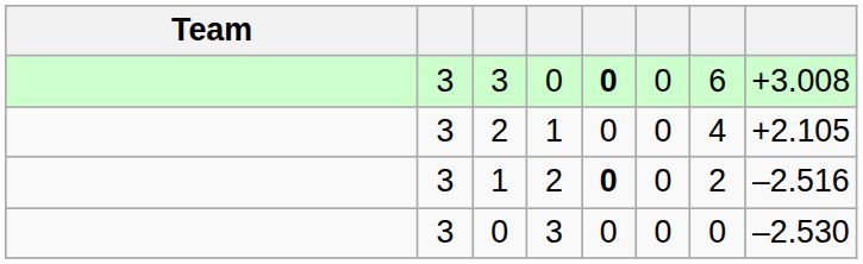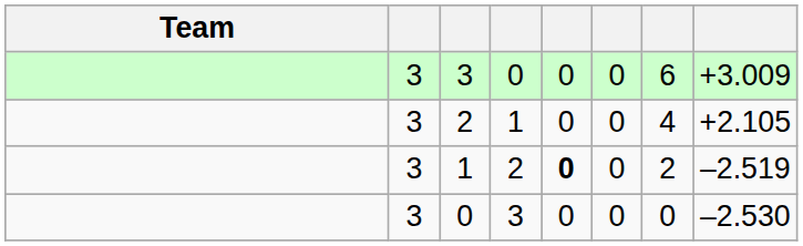 <table class="wikitable" style="text-align:center">
 <tr>
 <th width=200>Team</th>
 <th width=20></th>
 <th width=20></th>
 <th width=20></th>
 <th width=20></th>
 <th width=20></th>
 <th width=20></th>
 <th width=45></th>
 </tr>
 <tr bgcolor=ccffcc>
 <td align="left"></td>
 <td>3</td>
 <td>3</td>
 <td>0</td>
-<td><strong>0</strong></td>
+<td>0</td>
 <td>0</td>
 <td>6</td>
-<td>+3.008</td>
+<td>+3.009</td>
 </tr>
 <tr>
 <td align="left"></td>
 <td>3</td>
 <td>2</td>
 <td>1</td>
 <td>0</td>
 <td>0</td>
 <td>4</td>
 <td>+2.105</td>
 </tr>
 <tr>
 <td align="left"></td>
 <td>3</td>
 <td>1</td>
 <td>2</td>
 <td><strong>0</strong></td>
 <td>0</td>
 <td>2</td>
-<td>–2.516</td>
+<td>–2.519</td>
 </tr>
 <tr>
 <td align="left"></td>
 <td>3</td>
 <td>0</td>
 <td>3</td>
 <td>0</td>
 <td>0</td>
 <td>0</td>
 <td>–2.530</td>
 </tr>
 </table>
